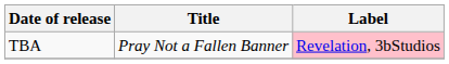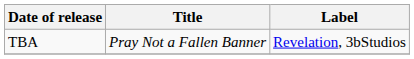 <table class="wikitable" style="font-size: 95%;">
 <tr>
 <th>Date of release</th>
 <th>Title</th>
 <th>Label</th>
 </tr>
 <tr>
 <td>TBA</td>
 <td><em>Pray Not a Fallen Banner</em></td>
-<td style="background: pink;"><a href='#'>Revelation</a>, 3bStudios</td>
+<td><a href='#'>Revelation</a>, 3bStudios</td>
 </tr>
 <tr>
 </tr>
 </table>
